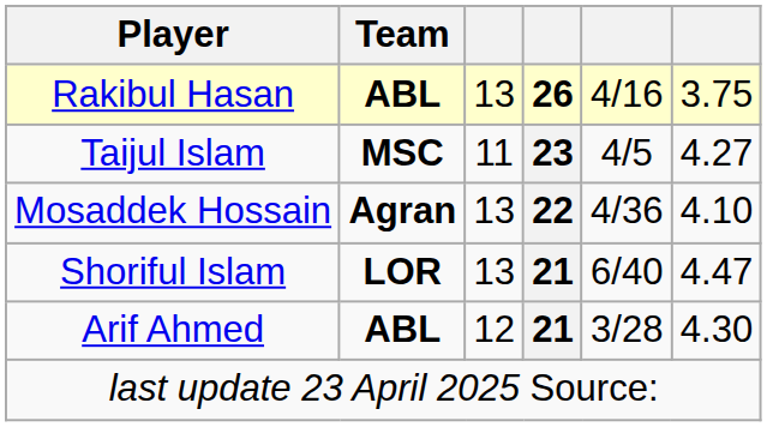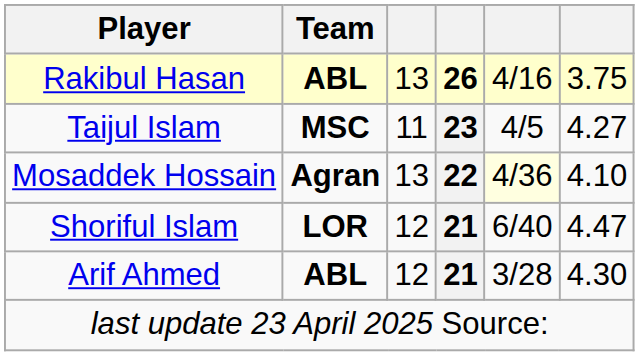 <table class="wikitable sortable" style="text-align:center">
 <tr>
 <th class="unsortable">Player</th>
 <th>Team</th>
 <th></th>
 <th></th>
 <th></th>
 <th></th>
 </tr>
 <tr style="background:#ffc">
 <td><a href='#'>Rakibul Hasan</a></td>
 <td><strong>ABL</strong></td>
 <td>13</td>
 <th style="background:#ffc">26</th>
 <td>4/16</td>
 <td>3.75</td>
 </tr>
 <tr>
 <td><a href='#'>Taijul Islam</a></td>
 <td><strong>MSC</strong></td>
 <td>11</td>
 <th>23</th>
 <td>4/5</td>
 <td>4.27</td>
 </tr>
 <tr>
 <td><a href='#'>Mosaddek Hossain</a></td>
 <td><strong>Agran</strong></td>
 <td>13</td>
 <th>22</th>
-<td>4/36</td>
+<td style="background: lightyellow;">4/36</td>
 <td>4.10</td>
 </tr>
 <tr>
 <td><a href='#'>Shoriful Islam</a></td>
 <td><strong>LOR</strong></td>
-<td>13</td>
+<td>12</td>
 <th>21</th>
 <td>6/40</td>
 <td>4.47</td>
 </tr>
 <tr>
 <td><a href='#'>Arif Ahmed</a></td>
 <td><strong>ABL</strong></td>
 <td>12</td>
 <th>21</th>
 <td>3/28</td>
 <td>4.30</td>
 </tr>
 <tr>
 <td colspan="6"><em>last update 23 April 2025</em> Source: </td>
 </tr>
 </table>
